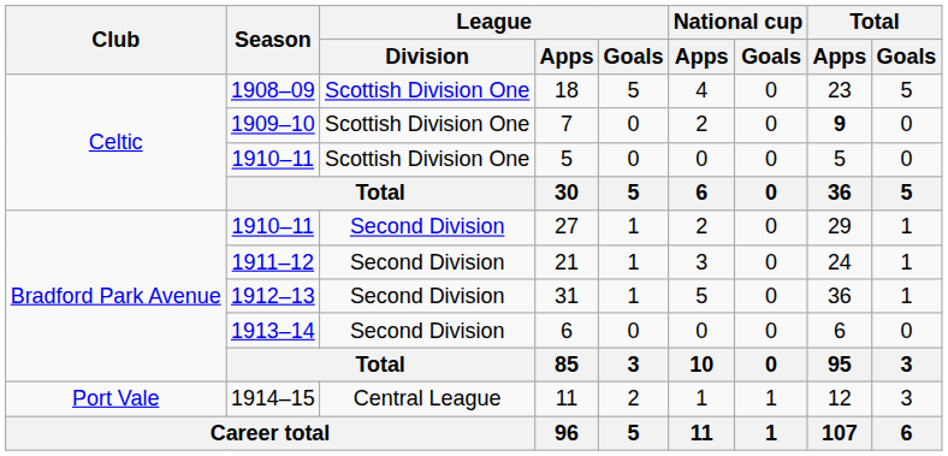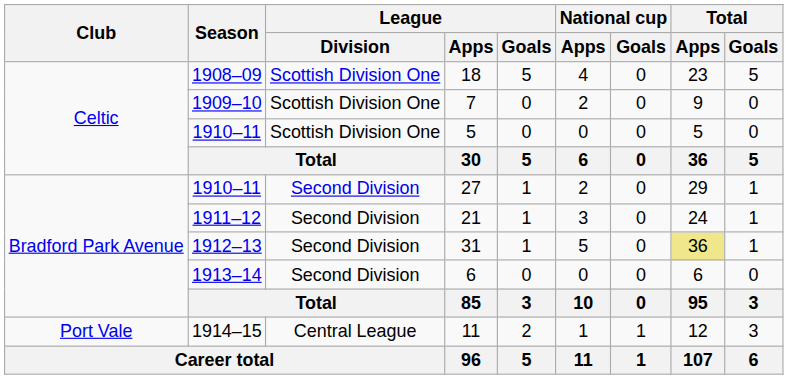 <table class="wikitable" style="text-align:center">
 <tr>
 <th rowspan="2">Club</th>
 <th rowspan="2">Season</th>
 <th colspan="3">League</th>
 <th colspan="2">National cup</th>
 <th colspan="2">Total</th>
 </tr>
 <tr>
 <th>Division</th>
 <th>Apps</th>
 <th>Goals</th>
 <th>Apps</th>
 <th>Goals</th>
 <th>Apps</th>
 <th>Goals</th>
 </tr>
 <tr>
 <td rowspan="4"><a href='#'>Celtic</a></td>
 <td><a href='#'>1908–09</a></td>
 <td><a href='#'>Scottish Division One</a></td>
 <td>18</td>
 <td>5</td>
 <td>4</td>
 <td>0</td>
 <td>23</td>
 <td>5</td>
 </tr>
 <tr>
 <td><a href='#'>1909–10</a></td>
 <td>Scottish Division One</td>
 <td>7</td>
 <td>0</td>
 <td>2</td>
 <td>0</td>
-<td><strong>9</strong></td>
+<td>9</td>
 <td>0</td>
 </tr>
 <tr>
 <td><a href='#'>1910–11</a></td>
 <td>Scottish Division One</td>
 <td>5</td>
 <td>0</td>
 <td>0</td>
 <td>0</td>
 <td>5</td>
 <td>0</td>
 </tr>
 <tr>
 <th colspan="2">Total</th>
 <th>30</th>
 <th>5</th>
 <th>6</th>
 <th>0</th>
 <th>36</th>
 <th>5</th>
 </tr>
 <tr>
 <td rowspan="5"><a href='#'>Bradford Park Avenue</a></td>
 <td><a href='#'>1910–11</a></td>
 <td><a href='#'>Second Division</a></td>
 <td>27</td>
 <td>1</td>
 <td>2</td>
 <td>0</td>
 <td>29</td>
 <td>1</td>
 </tr>
 <tr>
 <td><a href='#'>1911–12</a></td>
 <td>Second Division</td>
 <td>21</td>
 <td>1</td>
 <td>3</td>
 <td>0</td>
 <td>24</td>
 <td>1</td>
 </tr>
 <tr>
 <td><a href='#'>1912–13</a></td>
 <td>Second Division</td>
 <td>31</td>
 <td>1</td>
 <td>5</td>
 <td>0</td>
-<td>36</td>
+<td style="background: khaki;">36</td>
 <td>1</td>
 </tr>
 <tr>
 <td><a href='#'>1913–14</a></td>
 <td>Second Division</td>
 <td>6</td>
 <td>0</td>
 <td>0</td>
 <td>0</td>
 <td>6</td>
 <td>0</td>
 </tr>
 <tr>
 <th colspan="2">Total</th>
 <th>85</th>
 <th>3</th>
 <th>10</th>
 <th>0</th>
 <th>95</th>
 <th>3</th>
 </tr>
 <tr>
 <td><a href='#'>Port Vale</a></td>
 <td>1914–15</td>
 <td>Central League</td>
 <td>11</td>
 <td>2</td>
 <td>1</td>
 <td>1</td>
 <td>12</td>
 <td>3</td>
 </tr>
 <tr>
 <th colspan="3">Career total</th>
 <th>96</th>
 <th>5</th>
 <th>11</th>
 <th>1</th>
 <th>107</th>
 <th>6</th>
 </tr>
 </table>
